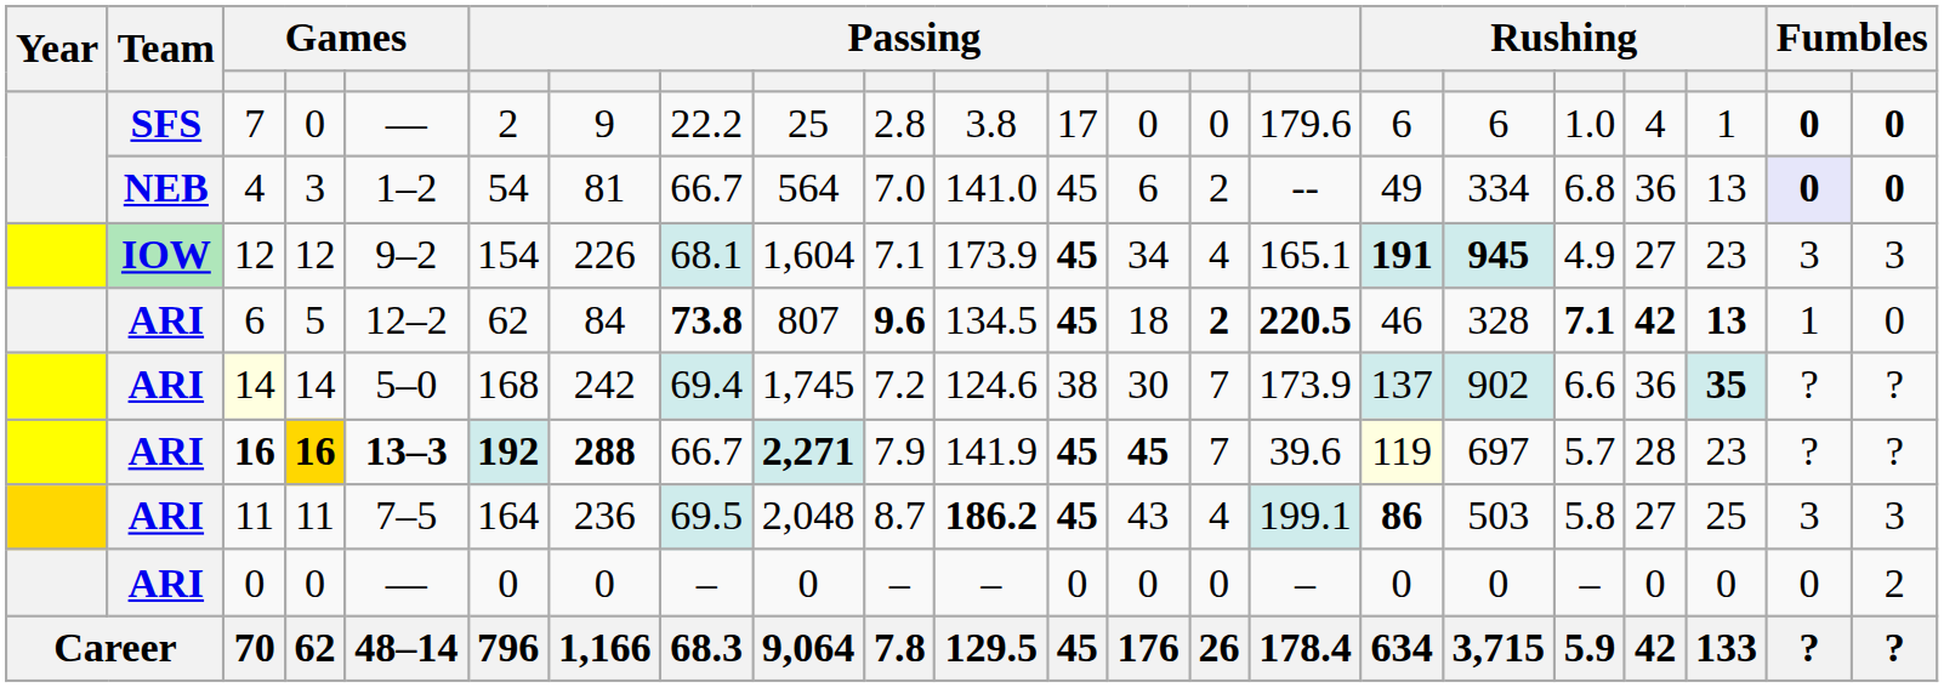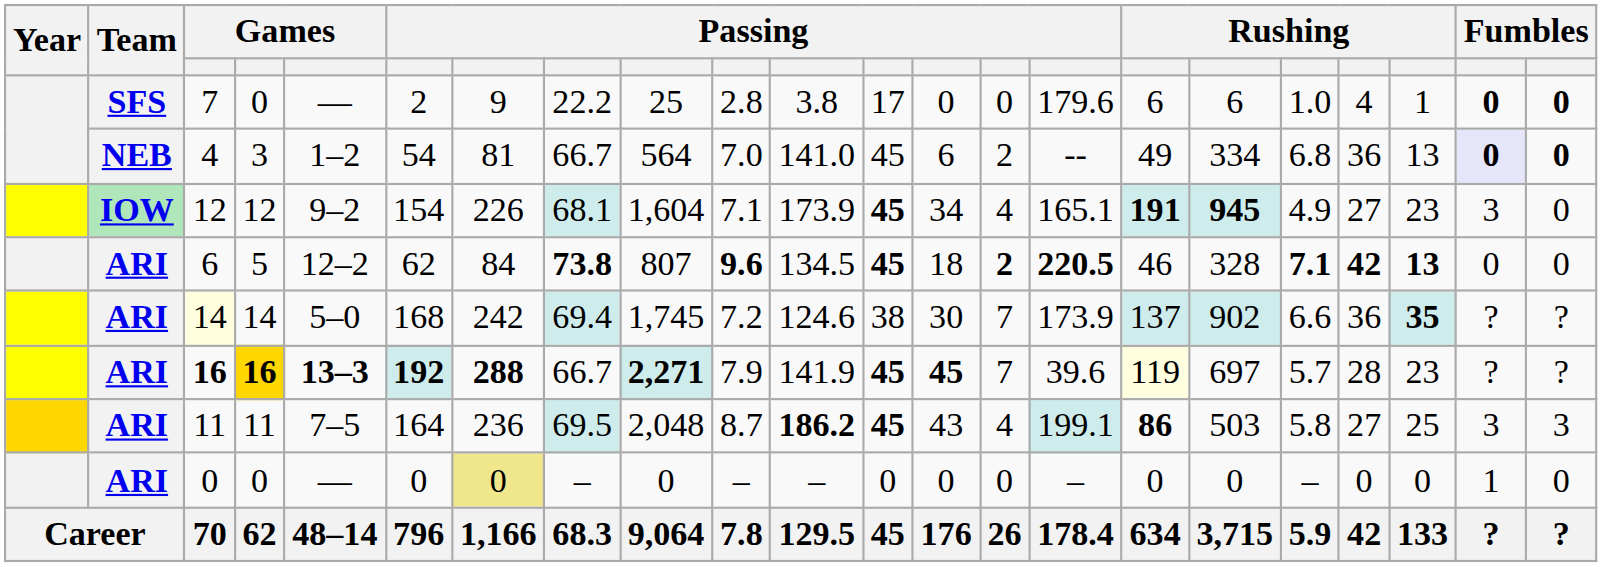 <table class="wikitable" style="text-align:center;">
 <tr>
 <th rowspan="2">Year</th>
 <th rowspan="2">Team</th>
 <th colspan="3">Games</th>
 <th colspan="10">Passing</th>
 <th colspan="5">Rushing</th>
 <th colspan="2">Fumbles</th>
 </tr>
 <tr>
 <th></th>
 <th></th>
 <th></th>
 <th></th>
 <th></th>
 <th></th>
 <th></th>
 <th></th>
 <th></th>
 <th></th>
 <th></th>
 <th></th>
 <th></th>
 <th></th>
 <th></th>
 <th></th>
 <th></th>
 <th></th>
 <th></th>
 <th></th>
 </tr>
 <tr>
 <th rowspan="2"></th>
 <th><a href='#'>SFS</a></th>
 <td>7</td>
 <td>0</td>
 <td>—</td>
 <td>2</td>
 <td>9</td>
 <td>22.2</td>
 <td>25</td>
 <td>2.8</td>
 <td>3.8</td>
 <td>17</td>
 <td>0</td>
 <td>0</td>
 <td>179.6</td>
 <td>6</td>
 <td>6</td>
 <td>1.0</td>
 <td>4</td>
 <td>1</td>
 <td><strong>0</strong></td>
 <td><strong>0</strong></td>
 </tr>
 <tr>
 <th><a href='#'>NEB</a></th>
 <td>4</td>
 <td>3</td>
 <td>1–2</td>
 <td>54</td>
 <td>81</td>
 <td>66.7</td>
 <td>564</td>
 <td>7.0</td>
 <td>141.0</td>
 <td>45</td>
 <td>6</td>
 <td>2</td>
 <td>--</td>
 <td>49</td>
 <td>334</td>
 <td>6.8</td>
 <td>36</td>
 <td>13</td>
 <td style="background: lavender;"><strong>0</strong></td>
 <td><strong>0</strong></td>
 </tr>
 <tr>
 <th style="background:#ff0;"></th>
 <th style="background:#afe6ba;"><a href='#'>IOW</a></th>
 <td>12</td>
 <td>12</td>
 <td>9–2</td>
 <td>154</td>
 <td>226</td>
 <td style="background:#cfecec;">68.1</td>
 <td>1,604</td>
 <td>7.1</td>
 <td>173.9</td>
 <td><strong>45</strong></td>
 <td>34</td>
 <td>4</td>
 <td>165.1</td>
 <td style="background:#cfecec;"><strong>191</strong></td>
 <td style="background:#cfecec;"><strong>945</strong></td>
 <td>4.9</td>
 <td>27</td>
 <td>23</td>
 <td>3</td>
-<td>3</td>
+<td>0</td>
 </tr>
 <tr>
 <th></th>
 <th><a href='#'>ARI</a></th>
 <td>6</td>
 <td>5</td>
 <td>12–2</td>
 <td>62</td>
 <td>84</td>
 <td><strong>73.8</strong></td>
 <td>807</td>
 <td><strong>9.6</strong></td>
 <td>134.5</td>
 <td><strong>45</strong></td>
 <td>18</td>
 <td><strong>2</strong></td>
 <td><strong>220.5</strong></td>
 <td>46</td>
 <td>328</td>
 <td><strong>7.1</strong></td>
 <td><strong>42</strong></td>
 <td><strong>13</strong></td>
-<td>1</td>
+<td>0</td>
 <td>0</td>
 </tr>
 <tr>
 <th style="background:#ff0;"></th>
 <th><a href='#'>ARI</a></th>
 <td style="background: lightyellow;">14</td>
 <td>14</td>
 <td>5–0</td>
 <td>168</td>
 <td>242</td>
 <td style="background:#cfecec;">69.4</td>
 <td>1,745</td>
 <td>7.2</td>
 <td>124.6</td>
 <td>38</td>
 <td>30</td>
 <td>7</td>
 <td>173.9</td>
 <td style="background:#cfecec;">137</td>
 <td style="background:#cfecec;">902</td>
 <td>6.6</td>
 <td>36</td>
 <td style="background:#cfecec;"><strong>35</strong></td>
 <td>?</td>
 <td>?</td>
 </tr>
 <tr>
 <th style="background:#ff0;"></th>
 <th><a href='#'>ARI</a></th>
 <td><strong>16</strong></td>
 <td style="background: gold;"><strong>16</strong></td>
 <td><strong>13–3</strong></td>
 <td style="background:#cfecec;"><strong>192</strong></td>
 <td><strong>288</strong></td>
 <td>66.7</td>
 <td style="background:#cfecec;"><strong>2,271</strong></td>
 <td>7.9</td>
 <td>141.9</td>
 <td><strong>45</strong></td>
 <td><strong>45</strong></td>
 <td>7</td>
 <td>39.6</td>
 <td style="background: lightyellow;">119</td>
 <td>697</td>
 <td>5.7</td>
 <td>28</td>
 <td>23</td>
 <td>?</td>
 <td>?</td>
 </tr>
 <tr>
 <th style="background:#ffd700;"></th>
 <th><a href='#'>ARI</a></th>
 <td>11</td>
 <td>11</td>
 <td>7–5</td>
 <td>164</td>
 <td>236</td>
 <td style="background:#cfecec;">69.5</td>
 <td>2,048</td>
 <td>8.7</td>
 <td><strong>186.2</strong></td>
 <td><strong>45</strong></td>
 <td>43</td>
 <td>4</td>
 <td style="background:#cfecec;">199.1</td>
 <td><strong>86</strong></td>
 <td>503</td>
 <td>5.8</td>
 <td>27</td>
 <td>25</td>
 <td>3</td>
 <td>3</td>
 </tr>
 <tr>
 <th></th>
 <th><a href='#'>ARI</a></th>
 <td>0</td>
 <td>0</td>
 <td>—</td>
 <td>0</td>
-<td>0</td>
+<td style="background: khaki;">0</td>
 <td>–</td>
 <td>0</td>
 <td>–</td>
 <td>–</td>
 <td>0</td>
 <td>0</td>
 <td>0</td>
 <td>–</td>
 <td>0</td>
 <td>0</td>
 <td>–</td>
 <td>0</td>
 <td>0</td>
+<td>1</td>
 <td>0</td>
-<td>2</td>
 </tr>
 <tr>
 <th colspan="2">Career</th>
 <th>70</th>
 <th>62</th>
 <th>48–14</th>
 <th>796</th>
 <th>1,166</th>
 <th>68.3</th>
 <th>9,064</th>
 <th>7.8</th>
 <th>129.5</th>
 <th>45</th>
 <th>176</th>
 <th>26</th>
 <th>178.4</th>
 <th>634</th>
 <th>3,715</th>
 <th>5.9</th>
 <th>42</th>
 <th>133</th>
 <th>?</th>
 <th>?</th>
 </tr>
 </table>
